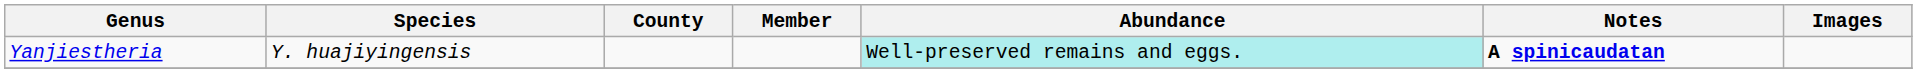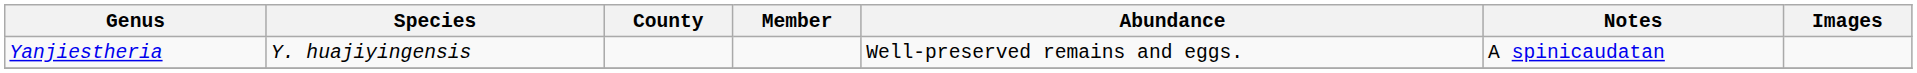 <table class="wikitable" align="center" width="100%">
 <tr>
 <th>Genus</th>
 <th>Species</th>
 <th>County</th>
 <th><strong>Member</strong></th>
 <th><strong>Abundance</strong></th>
 <th>Notes</th>
 <th>Images</th>
 </tr>
 <tr>
 <td><em><a href='#'>Yanjiestheria</a></em></td>
 <td><em>Y. huajiyingensis</em></td>
 <td></td>
 <td></td>
-<td style="background: paleturquoise;">Well-preserved remains and eggs.</td>
-<td><strong>A <a href='#'>spinicaudatan</a></strong></td>
+<td>Well-preserved remains and eggs.</td>
+<td>A <a href='#'>spinicaudatan</a></td>
 <td></td>
 </tr>
 <tr>
 </tr>
 </table>
